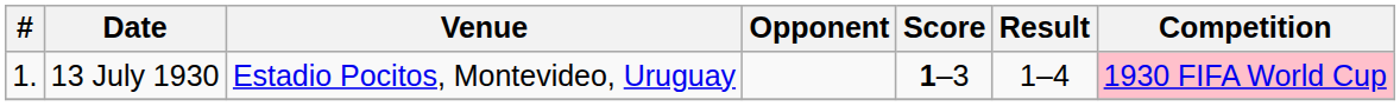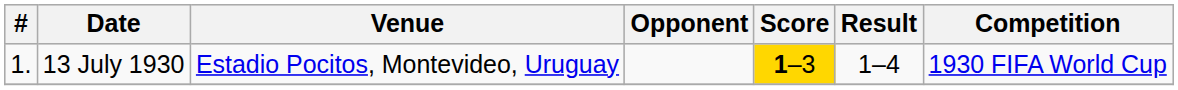 <table class="wikitable sortable" style="font-size:100%">
 <tr>
 <th>#</th>
 <th>Date</th>
 <th>Venue</th>
 <th>Opponent</th>
 <th>Score</th>
 <th>Result</th>
 <th>Competition</th>
 </tr>
 <tr>
 <td align=center>1.</td>
 <td>13 July 1930</td>
 <td><a href='#'>Estadio Pocitos</a>, Montevideo, <a href='#'>Uruguay</a></td>
 <td></td>
-<td align=center><strong>1</strong>–3</td>
+<td align=center style="background: gold;"><strong>1</strong>–3</td>
 <td align=center>1–4</td>
-<td style="background: pink;"><a href='#'>1930 FIFA World Cup</a></td>
+<td><a href='#'>1930 FIFA World Cup</a></td>
 </tr>
 <tr>
 </tr>
 </table>
